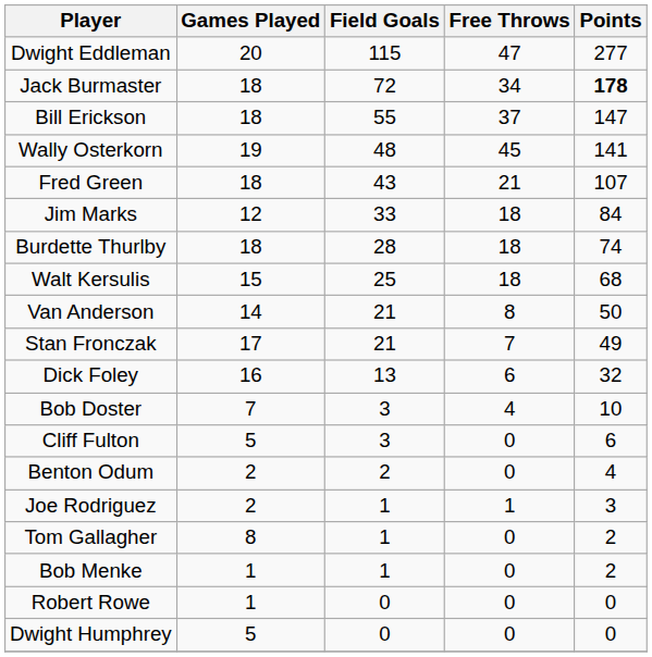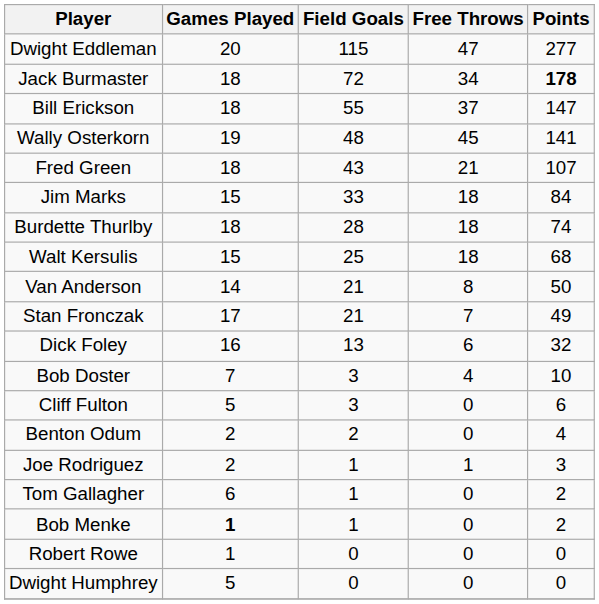 <table class="wikitable sortable">
 <tr>
 <th>Player</th>
 <th>Games Played</th>
 <th>Field Goals</th>
 <th>Free Throws</th>
 <th>Points</th>
 </tr>
 <tr align="center" bgcolor="">
 <td>Dwight Eddleman</td>
 <td>20</td>
 <td>115</td>
 <td>47</td>
 <td>277</td>
 </tr>
 <tr align="center" bgcolor="">
 <td>Jack Burmaster</td>
 <td>18</td>
 <td>72</td>
 <td>34</td>
 <td><strong>178</strong></td>
 </tr>
 <tr align="center" bgcolor="">
 <td>Bill Erickson</td>
 <td>18</td>
 <td>55</td>
 <td>37</td>
 <td>147</td>
 </tr>
 <tr align="center" bgcolor="">
 <td>Wally Osterkorn</td>
 <td>19</td>
 <td>48</td>
 <td>45</td>
 <td>141</td>
 </tr>
 <tr align="center" bgcolor="">
 <td>Fred Green</td>
 <td>18</td>
 <td>43</td>
 <td>21</td>
 <td>107</td>
 </tr>
 <tr align="center" bgcolor="">
 <td>Jim Marks</td>
-<td>12</td>
+<td>15</td>
 <td>33</td>
 <td>18</td>
 <td>84</td>
 </tr>
 <tr align="center" bgcolor="">
 <td>Burdette Thurlby</td>
 <td>18</td>
 <td>28</td>
 <td>18</td>
 <td>74</td>
 </tr>
 <tr align="center" bgcolor="">
 <td>Walt Kersulis</td>
 <td>15</td>
 <td>25</td>
 <td>18</td>
 <td>68</td>
 </tr>
 <tr align="center" bgcolor="">
 <td>Van Anderson</td>
 <td>14</td>
 <td>21</td>
 <td>8</td>
 <td>50</td>
 </tr>
 <tr align="center" bgcolor="">
 <td>Stan Fronczak</td>
 <td>17</td>
 <td>21</td>
 <td>7</td>
 <td>49</td>
 </tr>
 <tr align="center" bgcolor="">
 <td>Dick Foley</td>
 <td>16</td>
 <td>13</td>
 <td>6</td>
 <td>32</td>
 </tr>
 <tr align="center" bgcolor="">
 <td>Bob Doster</td>
 <td>7</td>
 <td>3</td>
 <td>4</td>
 <td>10</td>
 </tr>
 <tr align="center" bgcolor="">
 <td>Cliff Fulton</td>
 <td>5</td>
 <td>3</td>
 <td>0</td>
 <td>6</td>
 </tr>
 <tr align="center" bgcolor="">
 <td>Benton Odum</td>
 <td>2</td>
 <td>2</td>
 <td>0</td>
 <td>4</td>
 </tr>
 <tr align="center" bgcolor="">
 <td>Joe Rodriguez</td>
 <td>2</td>
 <td>1</td>
 <td>1</td>
 <td>3</td>
 </tr>
 <tr align="center" bgcolor="">
 <td>Tom Gallagher</td>
-<td>8</td>
+<td>6</td>
 <td>1</td>
 <td>0</td>
 <td>2</td>
 </tr>
 <tr align="center" bgcolor="">
 <td>Bob Menke</td>
-<td>1</td>
+<td><strong>1</strong></td>
 <td>1</td>
 <td>0</td>
 <td>2</td>
 </tr>
 <tr align="center" bgcolor="">
 <td>Robert Rowe</td>
 <td>1</td>
 <td>0</td>
 <td>0</td>
 <td>0</td>
 </tr>
 <tr align="center" bgcolor="">
 <td>Dwight Humphrey</td>
 <td>5</td>
 <td>0</td>
 <td>0</td>
 <td>0</td>
 </tr>
 <tr align="center" bgcolor="">
 </tr>
 </table>
